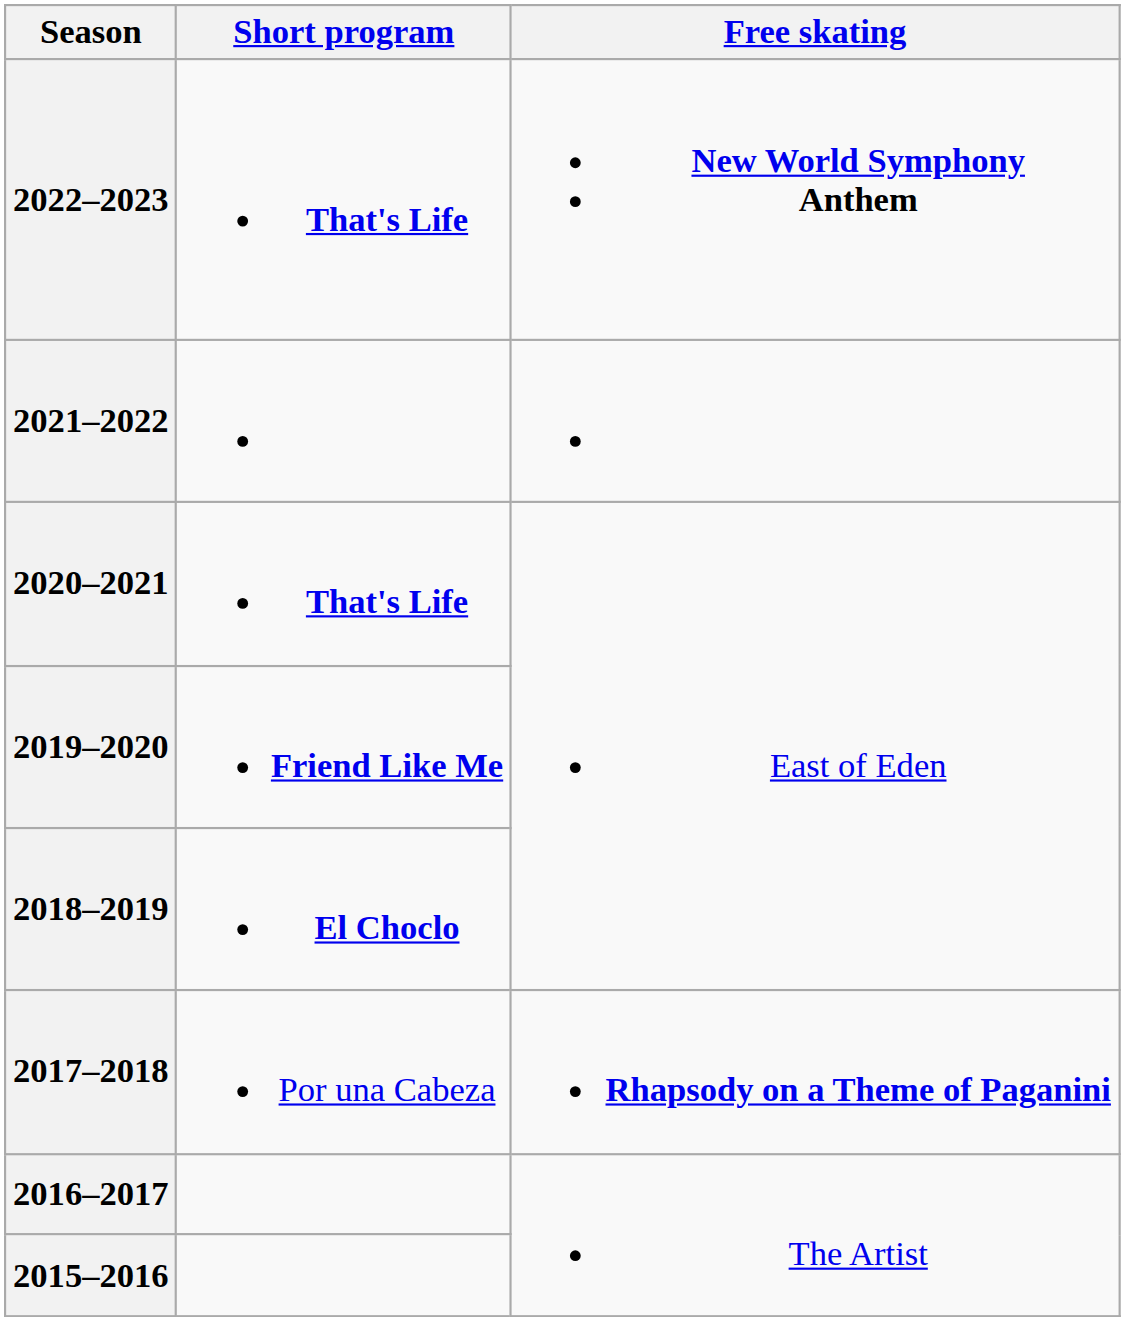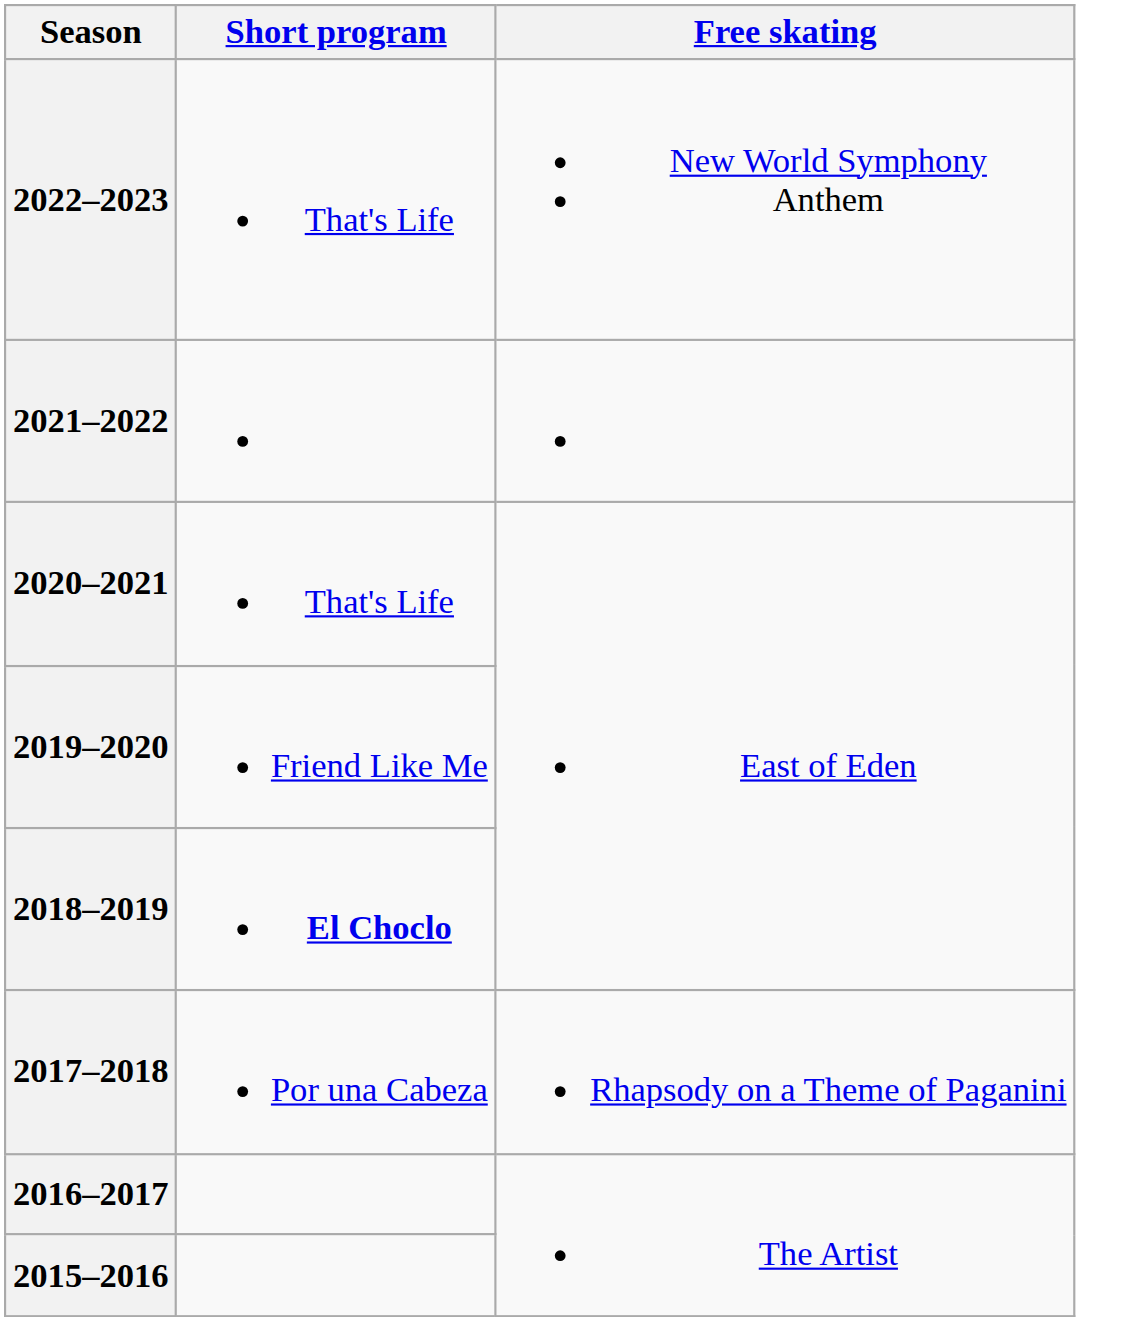 <table class=wikitable style=text-align:center>
 <tr>
 <th>Season</th>
 <th><a href='#'>Short program</a></th>
 <th><a href='#'>Free skating</a></th>
 </tr>
 <tr>
 <th>2022–2023</th>
-<td><strong><br><ul><li><a href='#'>That's Life</a><br></li></ul></strong></td>
-<td><strong><br><ul><li><a href='#'>New World Symphony</a><br></li><li>Anthem <br><br><br></li></ul></strong></td>
+<td><br><ul><li><a href='#'>That's Life</a><br></li></ul></td>
+<td><br><ul><li><a href='#'>New World Symphony</a><br></li><li>Anthem <br><br><br></li></ul></td>
 </tr>
 <tr>
 <th>2021–2022</th>
 <td><br><ul><li></li></ul></td>
 <td><br><ul><li></li></ul></td>
 </tr>
 <tr>
 <th>2020–2021</th>
-<td><strong><br><ul><li><a href='#'>That's Life</a><br></li></ul></strong></td>
+<td><br><ul><li><a href='#'>That's Life</a><br></li></ul></td>
 <td rowspan=3><br><ul><li><a href='#'>East of Eden</a><br></li></ul></td>
 </tr>
 <tr>
 <th>2019–2020</th>
-<td><strong><br><ul><li><a href='#'>Friend Like Me</a><br></li></ul></strong></td>
+<td><br><ul><li><a href='#'>Friend Like Me</a><br></li></ul></td>
 </tr>
 <tr>
 <th>2018–2019</th>
 <td><strong><br><ul><li><a href='#'>El Choclo</a><br></li></ul></strong></td>
 </tr>
 <tr>
 <th>2017–2018<br></th>
 <td><br><ul><li><a href='#'>Por una Cabeza</a><br></li></ul></td>
-<td><strong><br><ul><li><a href='#'>Rhapsody on a Theme of Paganini</a><br></li></ul></strong></td>
+<td><br><ul><li><a href='#'>Rhapsody on a Theme of Paganini</a><br></li></ul></td>
 </tr>
 <tr>
 <th>2016–2017<br></th>
 <td></td>
 <td rowspan=2><br><ul><li><a href='#'>The Artist</a><br></li></ul></td>
 </tr>
 <tr>
 <th>2015–2016<br></th>
 <td></td>
 </tr>
 </table>
